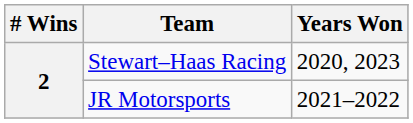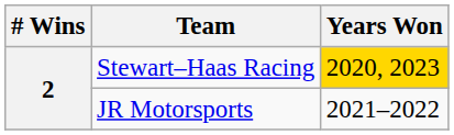 <table class="wikitable" style="font-size: 95%;">
 <tr>
 <th># Wins</th>
 <th>Team</th>
 <th>Years Won</th>
 </tr>
 <tr>
 <th rowspan="2">2</th>
 <td><a href='#'>Stewart–Haas Racing</a></td>
-<td>2020, 2023</td>
+<td style="background: gold;">2020, 2023</td>
 </tr>
 <tr>
 <td><a href='#'>JR Motorsports</a></td>
 <td>2021–2022</td>
 </tr>
 </table>
